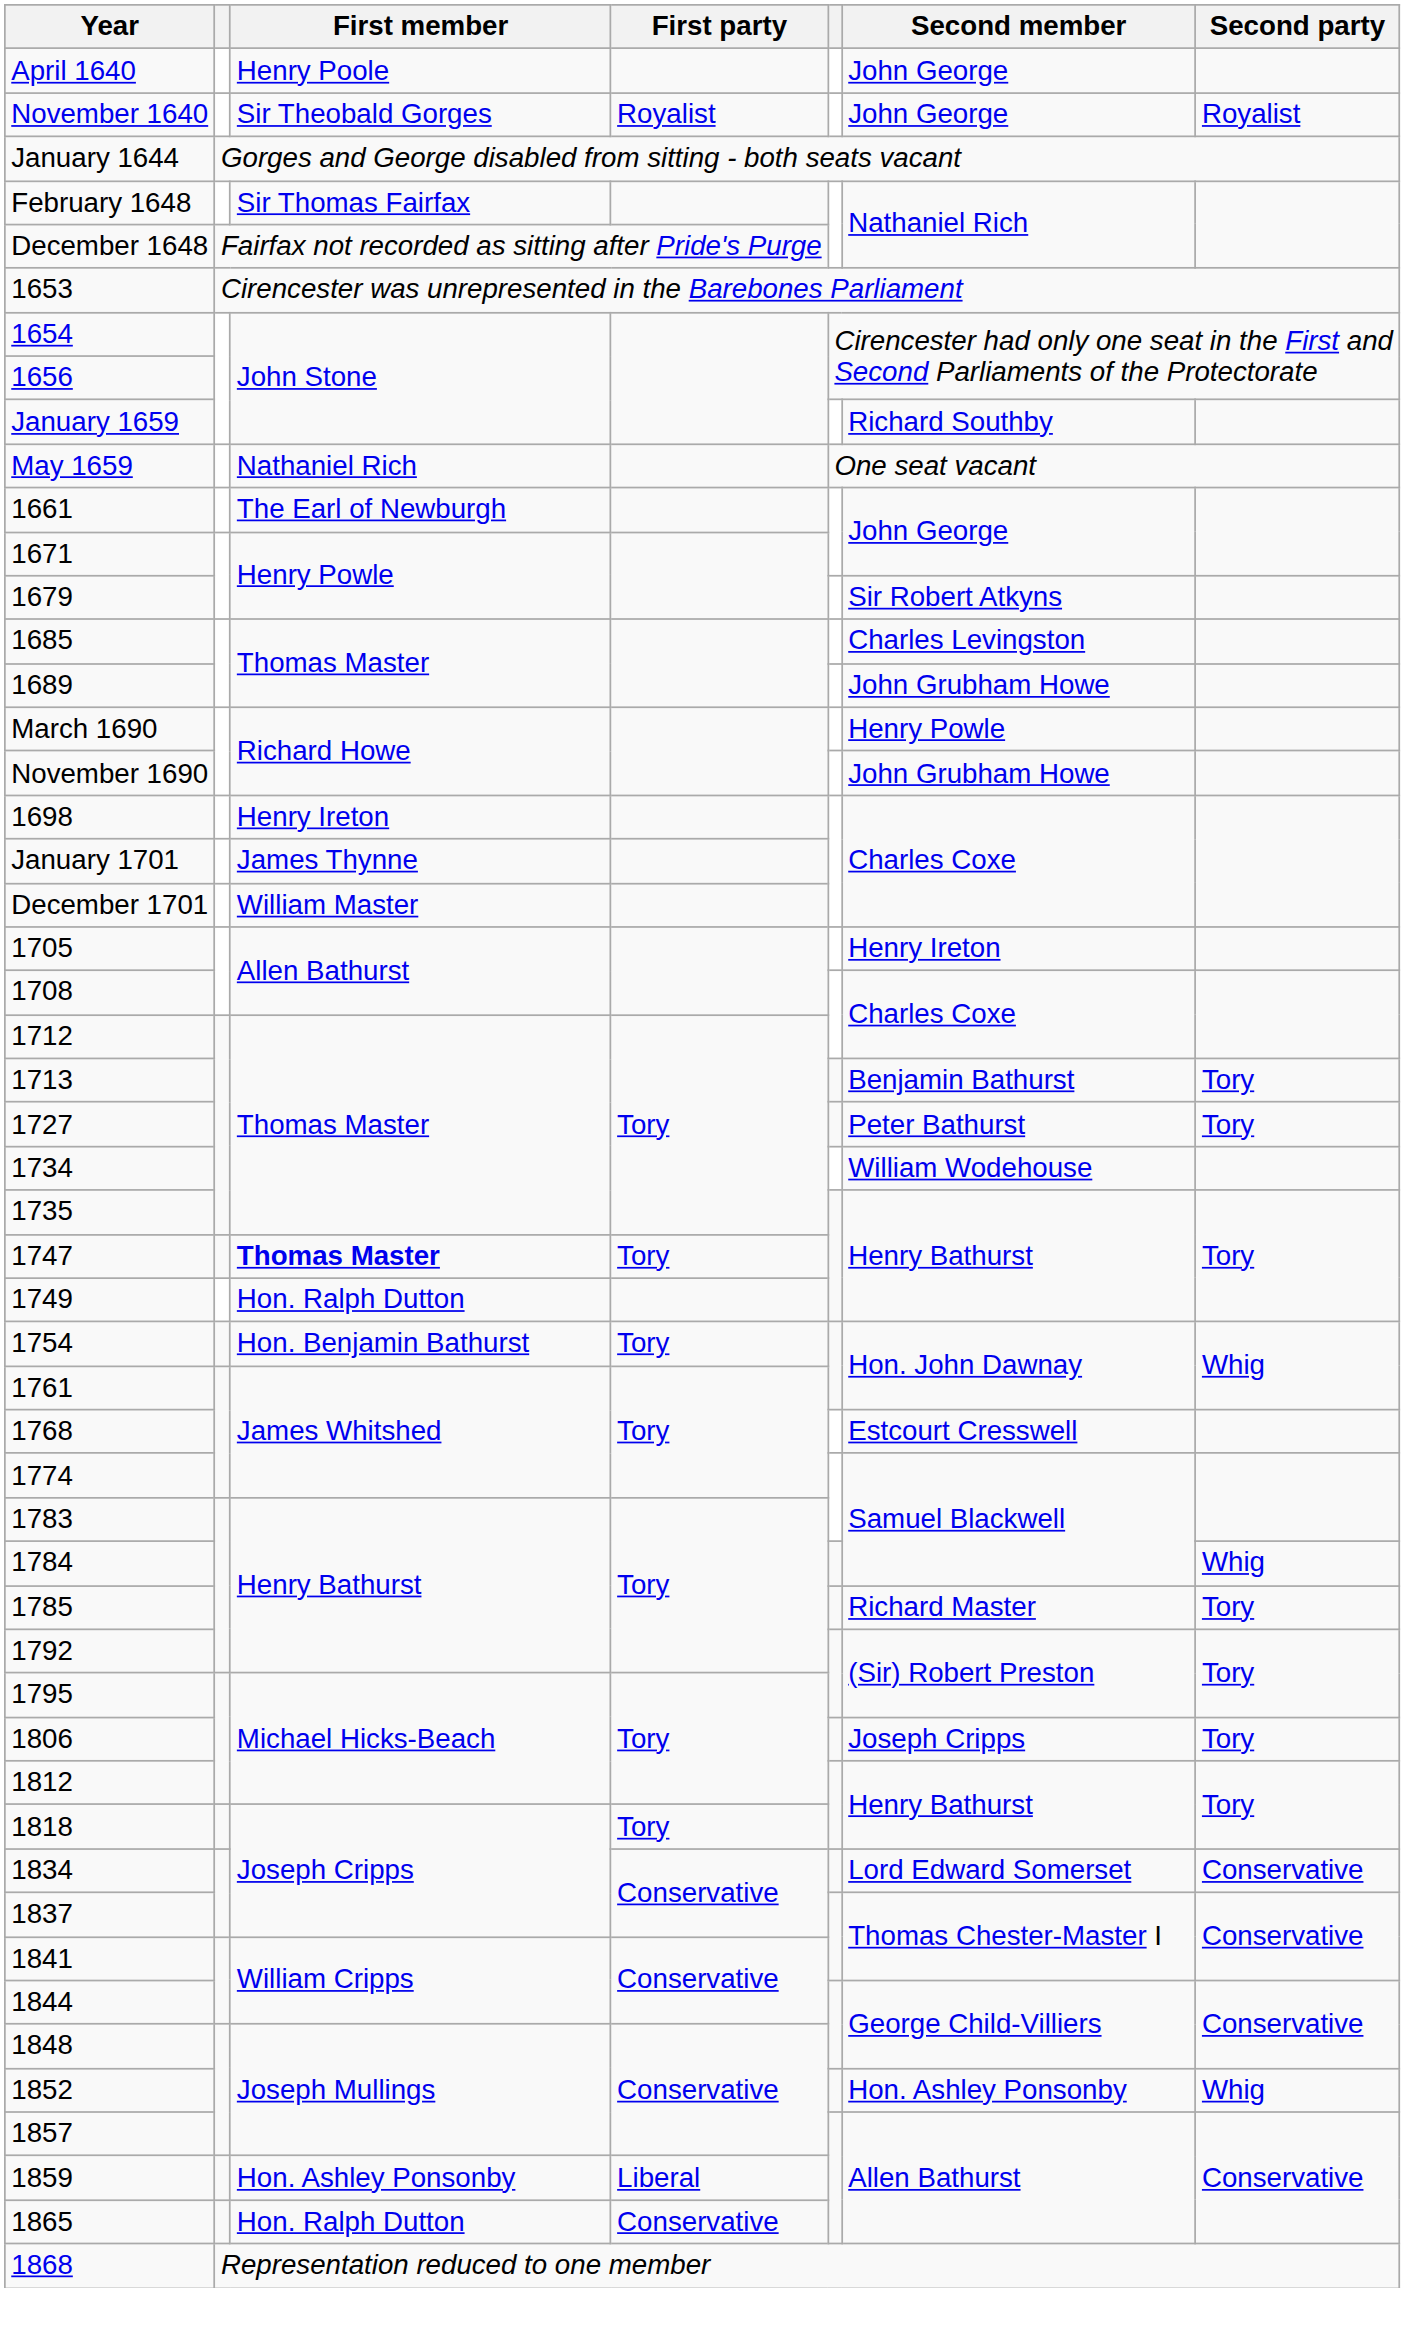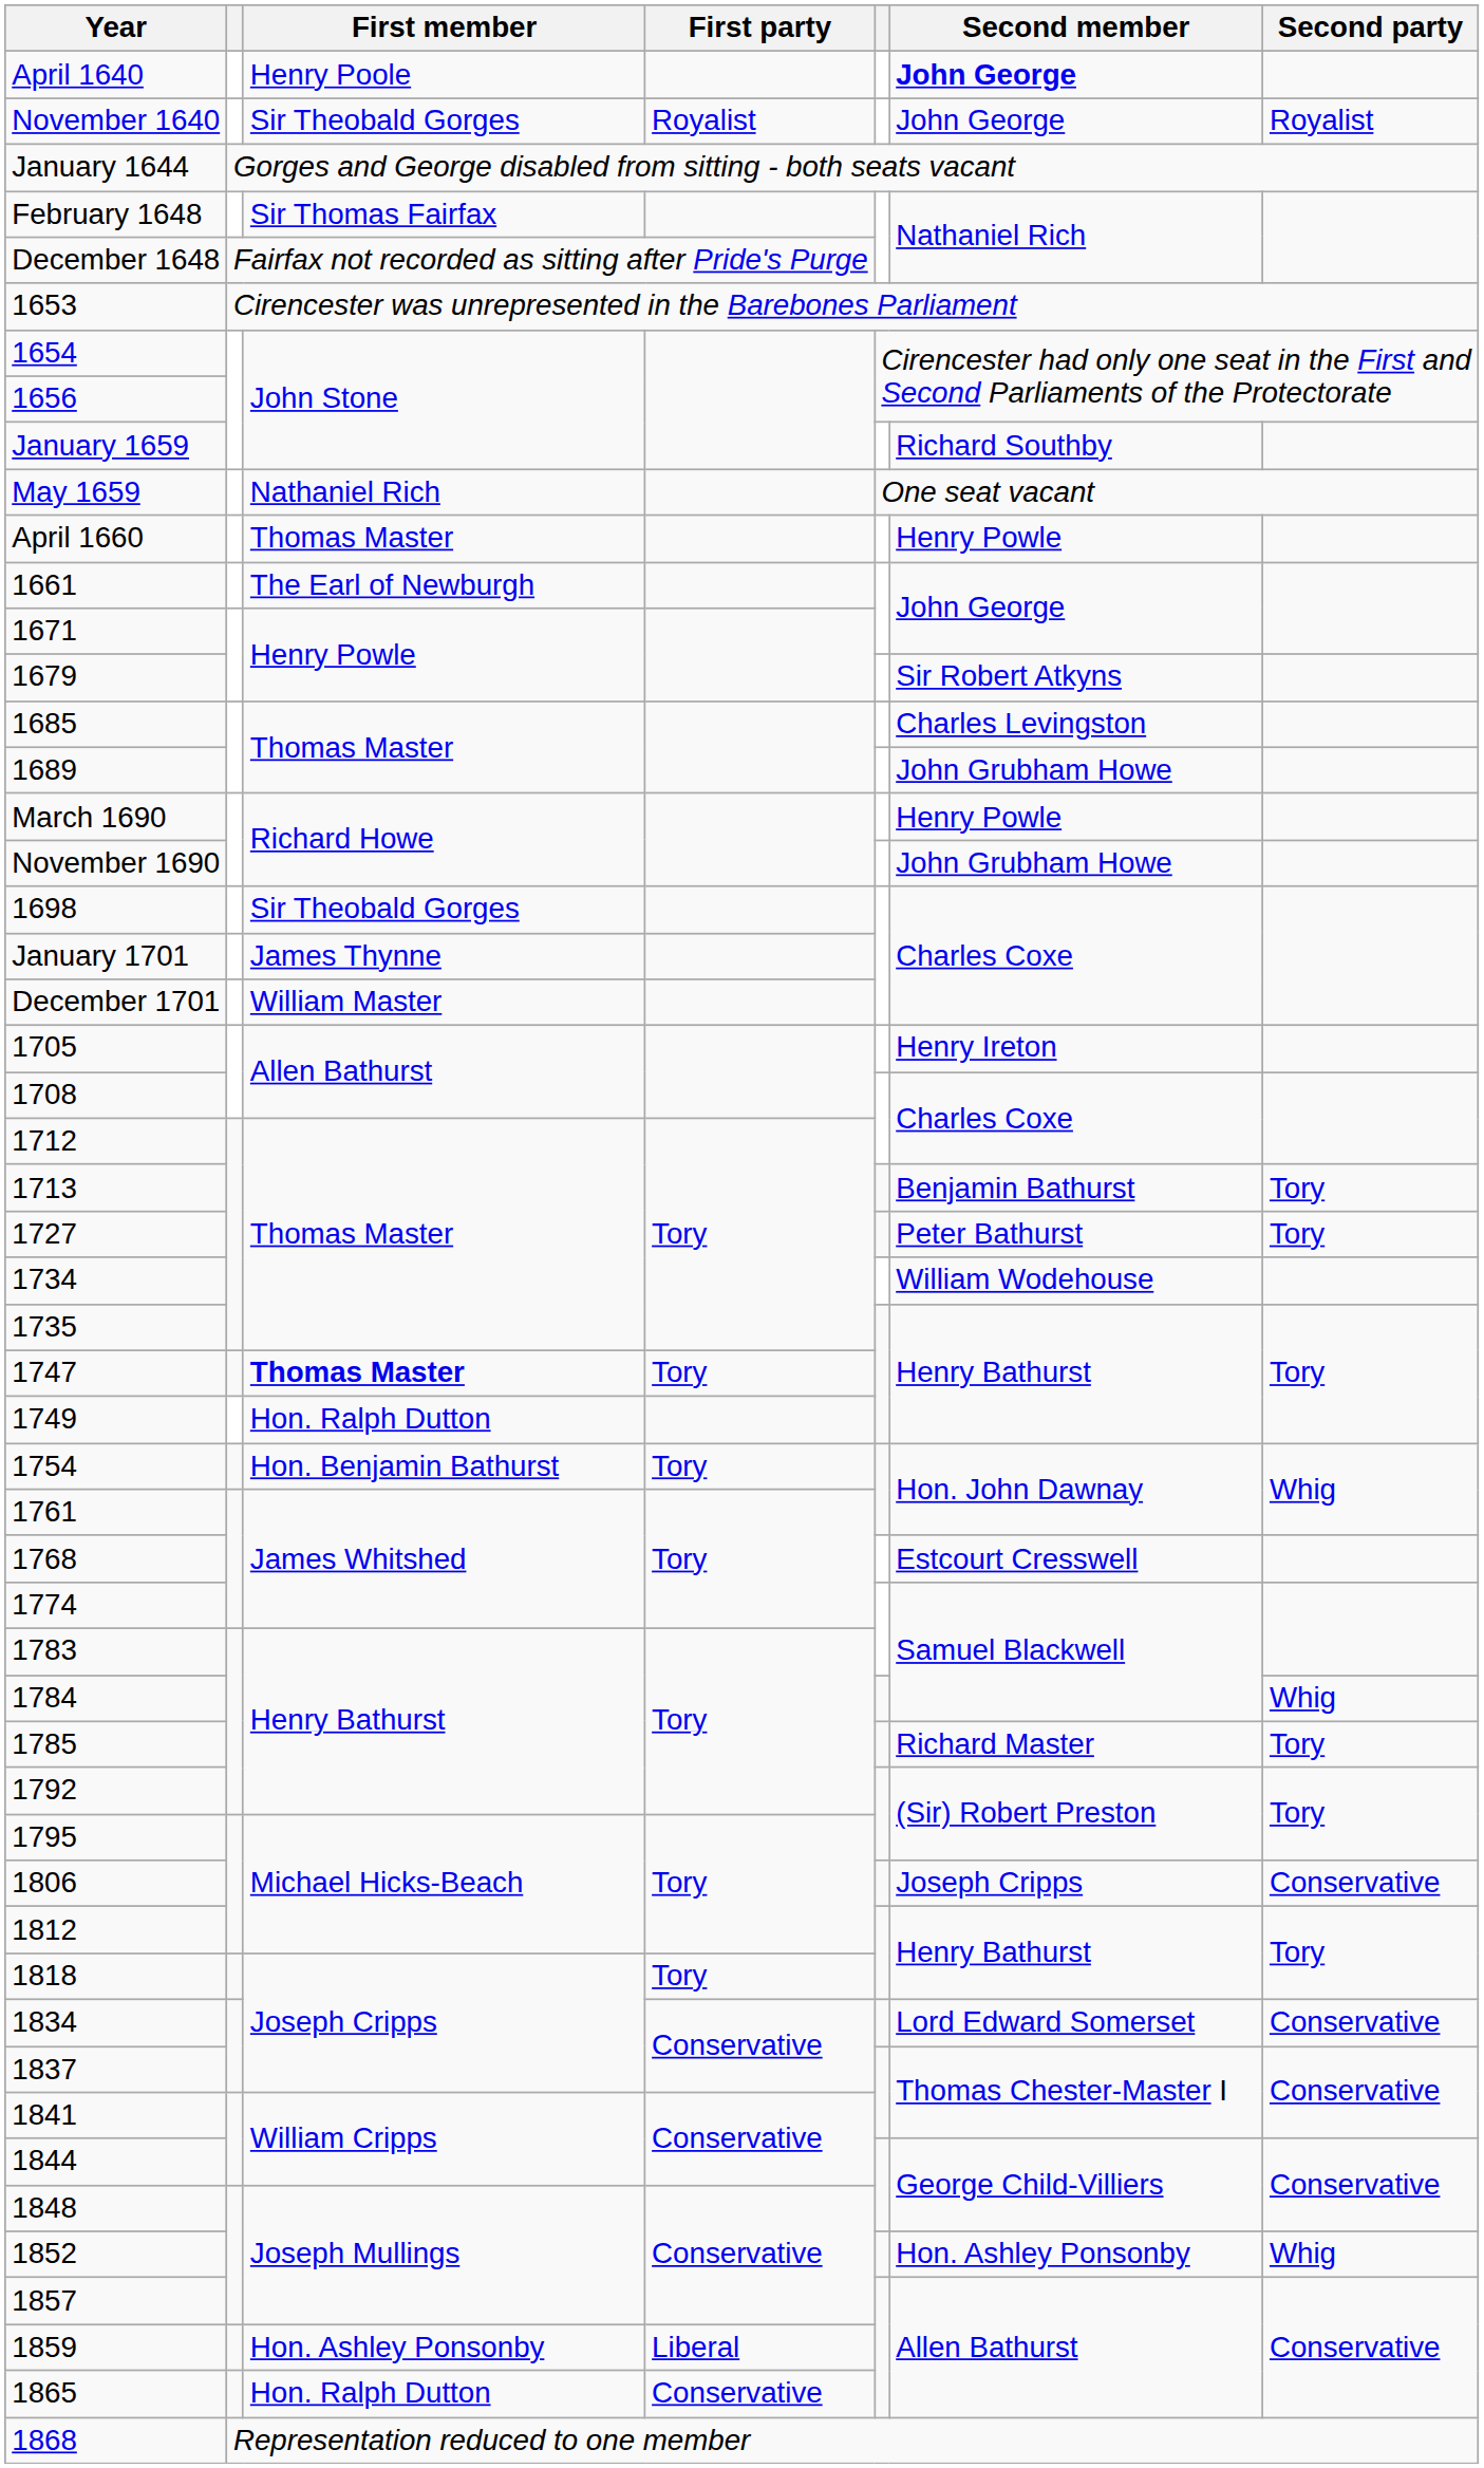 <table class="wikitable">
 <tr>
 <th>Year</th>
 <th></th>
 <th>First member</th>
 <th>First party</th>
 <th></th>
 <th>Second member</th>
 <th>Second party</th>
 </tr>
 <tr>
 <td><a href='#'>April 1640</a></td>
 <td style="color:inherit;background-color: white"></td>
 <td><a href='#'>Henry Poole</a></td>
 <td></td>
 <td style="color:inherit;background-color: white"></td>
-<td><a href='#'>John George</a></td>
+<td><strong><a href='#'>John George</a></strong></td>
 <td></td>
 </tr>
 <tr>
 <td><a href='#'>November 1640</a></td>
 <td style="color:inherit;background-color: white"></td>
 <td><a href='#'>Sir Theobald Gorges</a></td>
 <td><a href='#'>Royalist</a></td>
 <td style="color:inherit;background-color: white"></td>
 <td><a href='#'>John George</a></td>
 <td><a href='#'>Royalist</a></td>
 </tr>
 <tr>
 <td>January 1644</td>
 <td colspan="6"><em>Gorges and George disabled from sitting - both seats vacant</em></td>
 </tr>
 <tr>
 <td>February 1648</td>
 <td style="color:inherit;background-color: white"></td>
 <td><a href='#'>Sir Thomas Fairfax</a></td>
 <td></td>
 <td rowspan="2" style="color:inherit;background-color: white"></td>
 <td rowspan="2"><a href='#'>Nathaniel Rich</a></td>
 <td rowspan="2"></td>
 </tr>
 <tr>
 <td>December 1648</td>
 <td colspan="3"><em>Fairfax not recorded as sitting after <a href='#'>Pride's Purge</a></em></td>
 </tr>
 <tr>
 <td>1653</td>
 <td colspan="6"><em>Cirencester was unrepresented in the <a href='#'>Barebones Parliament</a></em></td>
 </tr>
 <tr>
 <td><a href='#'>1654</a></td>
 <td rowspan="3" style="color:inherit;background-color: white"></td>
 <td rowspan="3"><a href='#'>John Stone</a></td>
 <td rowspan="3"></td>
 <td rowspan="2" colspan="3"><em>Cirencester had only one seat in the <a href='#'>First</a>  and <br><a href='#'>Second</a> Parliaments of the Protectorate</em></td>
 </tr>
 <tr>
 <td><a href='#'>1656</a></td>
 </tr>
 <tr>
 <td><a href='#'>January 1659</a></td>
 <td style="color:inherit;background-color: white"></td>
 <td><a href='#'>Richard Southby</a></td>
 <td></td>
 </tr>
 <tr>
 <td><a href='#'>May 1659</a></td>
 <td style="color:inherit;background-color: white"></td>
 <td><a href='#'>Nathaniel Rich</a></td>
 <td></td>
 <td colspan="3"><em>One seat vacant</em></td>
 </tr>
 <tr>
+<td>April 1660</td>
+<td style="color:inherit;background-color: white"></td>
+<td><a href='#'>Thomas Master</a></td>
+<td></td>
+<td style="color:inherit;background-color: white"></td>
+<td><a href='#'>Henry Powle</a></td>
+<td></td>
+</tr>
+<tr>
 <td>1661</td>
 <td style="color:inherit;background-color: white"></td>
 <td><a href='#'>The Earl of Newburgh</a></td>
 <td></td>
 <td rowspan="2" style="color:inherit;background-color: white"></td>
 <td rowspan="2"><a href='#'>John George</a></td>
 <td rowspan="2"></td>
 </tr>
 <tr>
 <td>1671</td>
 <td rowspan="2" style="color:inherit;background-color: white"></td>
 <td rowspan="2"><a href='#'>Henry Powle</a></td>
 <td rowspan="2"></td>
 </tr>
 <tr>
 <td>1679</td>
 <td style="color:inherit;background-color: white"></td>
 <td><a href='#'>Sir Robert Atkyns</a></td>
 <td></td>
 </tr>
 <tr>
 <td>1685</td>
 <td rowspan="2" style="color:inherit;background-color: white"></td>
 <td rowspan="2"><a href='#'>Thomas Master</a></td>
 <td rowspan="2"></td>
 <td style="color:inherit;background-color: white"></td>
 <td><a href='#'>Charles Levingston</a></td>
 <td></td>
 </tr>
 <tr>
 <td>1689</td>
 <td style="color:inherit;background-color: white"></td>
 <td><a href='#'>John Grubham Howe</a></td>
 <td></td>
 </tr>
 <tr>
 <td>March 1690</td>
 <td rowspan="2" style="color:inherit;background-color: white"></td>
 <td rowspan="2"><a href='#'>Richard Howe</a></td>
 <td rowspan="2"></td>
 <td style="color:inherit;background-color: white"></td>
 <td><a href='#'>Henry Powle</a></td>
 <td></td>
 </tr>
 <tr>
 <td>November 1690</td>
 <td style="color:inherit;background-color: white"></td>
 <td><a href='#'>John Grubham Howe</a></td>
 <td></td>
 </tr>
 <tr>
 <td>1698</td>
 <td style="color:inherit;background-color: white"></td>
-<td><a href='#'>Henry Ireton</a></td>
+<td><a href='#'>Sir Theobald Gorges</a></td>
 <td></td>
 <td rowspan="3" style="color:inherit;background-color: white"></td>
 <td rowspan="3"><a href='#'>Charles Coxe</a></td>
 <td rowspan="3"></td>
 </tr>
 <tr>
 <td>January 1701</td>
 <td style="color:inherit;background-color: white"></td>
 <td><a href='#'>James Thynne</a></td>
 <td></td>
 </tr>
 <tr>
 <td>December 1701</td>
 <td style="color:inherit;background-color: white"></td>
 <td><a href='#'>William Master</a></td>
 <td></td>
 </tr>
 <tr>
 <td>1705</td>
 <td rowspan="2" style="color:inherit;background-color: white"></td>
 <td rowspan="2"><a href='#'>Allen Bathurst</a></td>
 <td rowspan="2"></td>
 <td style="color:inherit;background-color: white"></td>
 <td><a href='#'>Henry Ireton</a></td>
 <td></td>
 </tr>
 <tr>
 <td>1708 </td>
 <td rowspan="2" style="color:inherit;background-color: white"></td>
 <td rowspan="2"><a href='#'>Charles Coxe</a></td>
 <td rowspan="2"></td>
 </tr>
 <tr>
 <td>1712</td>
 <td rowspan="5" style="color:inherit;background-color: "></td>
 <td rowspan="5"><a href='#'>Thomas Master</a></td>
 <td rowspan="5"><a href='#'>Tory</a></td>
 </tr>
 <tr>
 <td>1713</td>
 <td style="color:inherit;background-color: "></td>
 <td><a href='#'>Benjamin Bathurst</a></td>
 <td><a href='#'>Tory</a></td>
 </tr>
 <tr>
 <td>1727</td>
 <td style="color:inherit;background-color: "></td>
 <td><a href='#'>Peter Bathurst</a></td>
 <td><a href='#'>Tory</a></td>
 </tr>
 <tr>
 <td>1734</td>
 <td style="color:inherit;background-color: white"></td>
 <td><a href='#'>William Wodehouse</a></td>
 <td></td>
 </tr>
 <tr>
 <td>1735</td>
 <td rowspan="3" style="color:inherit;background-color: "></td>
 <td rowspan="3"><a href='#'>Henry Bathurst</a></td>
 <td rowspan="3"><a href='#'>Tory</a></td>
 </tr>
 <tr>
 <td>1747</td>
 <td style="color:inherit;background-color: "></td>
 <td><strong><a href='#'>Thomas Master</a></strong></td>
 <td><a href='#'>Tory</a></td>
 </tr>
 <tr>
 <td>1749</td>
 <td style="color:inherit;background-color: white"></td>
 <td><a href='#'>Hon. Ralph Dutton</a></td>
 <td></td>
 </tr>
 <tr>
 <td>1754</td>
 <td style="color:inherit;background-color: "></td>
 <td><a href='#'>Hon. Benjamin Bathurst</a></td>
 <td><a href='#'>Tory</a></td>
 <td rowspan="2" style="color:inherit;background-color: "></td>
 <td rowspan="2"><a href='#'>Hon. John Dawnay</a></td>
 <td rowspan="2"><a href='#'>Whig</a></td>
 </tr>
 <tr>
 <td>1761</td>
 <td rowspan="3" style="color:inherit;background-color: "></td>
 <td rowspan="3"><a href='#'>James Whitshed</a></td>
 <td rowspan="3"><a href='#'>Tory</a></td>
 </tr>
 <tr>
 <td>1768</td>
 <td style="color:inherit;background-color: white"></td>
 <td><a href='#'>Estcourt Cresswell</a></td>
 <td></td>
 </tr>
 <tr>
 <td>1774</td>
 <td rowspan="2" style="color:inherit;background-color: white"></td>
 <td rowspan="3"><a href='#'>Samuel Blackwell</a></td>
 <td rowspan="2"></td>
 </tr>
 <tr>
 <td>1783</td>
 <td rowspan="4" style="color:inherit;background-color: "></td>
 <td rowspan="4"><a href='#'>Henry Bathurst</a></td>
 <td rowspan="4"><a href='#'>Tory</a></td>
 </tr>
 <tr>
 <td>1784</td>
 <td style="color:inherit;background-color: "></td>
 <td><a href='#'>Whig</a></td>
 </tr>
 <tr>
 <td>1785</td>
 <td style="color:inherit;background-color: "></td>
 <td><a href='#'>Richard Master</a></td>
 <td><a href='#'>Tory</a></td>
 </tr>
 <tr>
 <td>1792</td>
 <td rowspan="2" style="color:inherit;background-color: "></td>
 <td rowspan="2"><a href='#'>(Sir) Robert Preston</a></td>
 <td rowspan="2"><a href='#'>Tory</a></td>
 </tr>
 <tr>
 <td>1795</td>
 <td rowspan="3" style="color:inherit;background-color: "></td>
 <td rowspan="3"><a href='#'>Michael Hicks-Beach</a></td>
 <td rowspan="3"><a href='#'>Tory</a></td>
 </tr>
 <tr>
 <td>1806</td>
 <td style="color:inherit;background-color: "></td>
 <td><a href='#'>Joseph Cripps</a></td>
-<td><a href='#'>Tory</a></td>
+<td><a href='#'>Conservative</a></td>
 </tr>
 <tr>
 <td>1812</td>
 <td rowspan="2" style="color:inherit;background-color: "></td>
 <td rowspan="2"><a href='#'>Henry Bathurst</a></td>
 <td rowspan="2"><a href='#'>Tory</a></td>
 </tr>
 <tr>
 <td>1818</td>
 <td style="color:inherit;background-color: "></td>
 <td rowspan="3"><a href='#'>Joseph Cripps</a></td>
 <td><a href='#'>Tory</a></td>
 </tr>
 <tr>
 <td>1834</td>
 <td rowspan="2" style="color:inherit;background-color: "></td>
 <td rowspan="2"><a href='#'>Conservative</a></td>
 <td style="color:inherit;background-color: "></td>
 <td><a href='#'>Lord Edward Somerset</a></td>
 <td><a href='#'>Conservative</a></td>
 </tr>
 <tr>
 <td>1837</td>
 <td rowspan="2" style="color:inherit;background-color: "></td>
 <td rowspan="2"><a href='#'>Thomas Chester-Master</a> I</td>
 <td rowspan="2"><a href='#'>Conservative</a></td>
 </tr>
 <tr>
 <td>1841</td>
 <td rowspan="2" style="color:inherit;background-color: "></td>
 <td rowspan="2"><a href='#'>William Cripps</a></td>
 <td rowspan="2"><a href='#'>Conservative</a></td>
 </tr>
 <tr>
 <td>1844</td>
 <td rowspan="2" style="color:inherit;background-color: "></td>
 <td rowspan="2"><a href='#'>George Child-Villiers</a></td>
 <td rowspan="2"><a href='#'>Conservative</a></td>
 </tr>
 <tr>
 <td>1848</td>
 <td rowspan="3" style="color:inherit;background-color: "></td>
 <td rowspan="3"><a href='#'>Joseph Mullings</a></td>
 <td rowspan="3"><a href='#'>Conservative</a></td>
 </tr>
 <tr>
 <td>1852</td>
 <td style="color:inherit;background-color: "></td>
 <td><a href='#'>Hon. Ashley Ponsonby</a></td>
 <td><a href='#'>Whig</a></td>
 </tr>
 <tr>
 <td>1857</td>
 <td rowspan="3" style="color:inherit;background-color: "></td>
 <td rowspan="3"><a href='#'>Allen Bathurst</a></td>
 <td rowspan="3"><a href='#'>Conservative</a></td>
 </tr>
 <tr>
 <td>1859</td>
 <td style="color:inherit;background-color: "></td>
 <td><a href='#'>Hon. Ashley Ponsonby</a></td>
 <td><a href='#'>Liberal</a></td>
 </tr>
 <tr>
 <td>1865</td>
 <td style="color:inherit;background-color: "></td>
 <td><a href='#'>Hon. Ralph Dutton</a></td>
 <td><a href='#'>Conservative</a></td>
 </tr>
 <tr>
 <td><a href='#'>1868</a></td>
 <td colspan="6"><em>Representation reduced to one member</em></td>
 </tr>
 </table>
